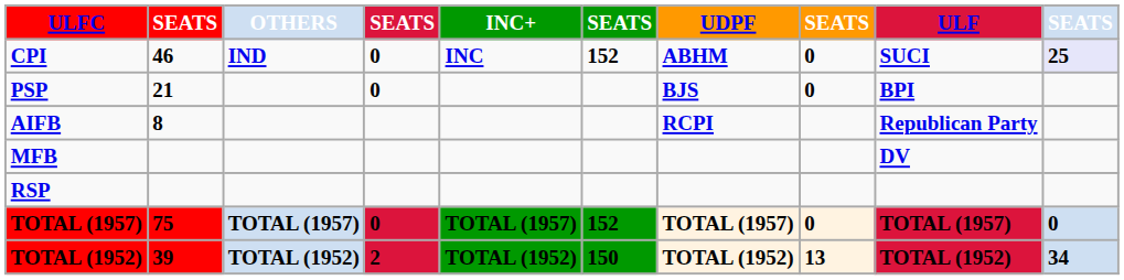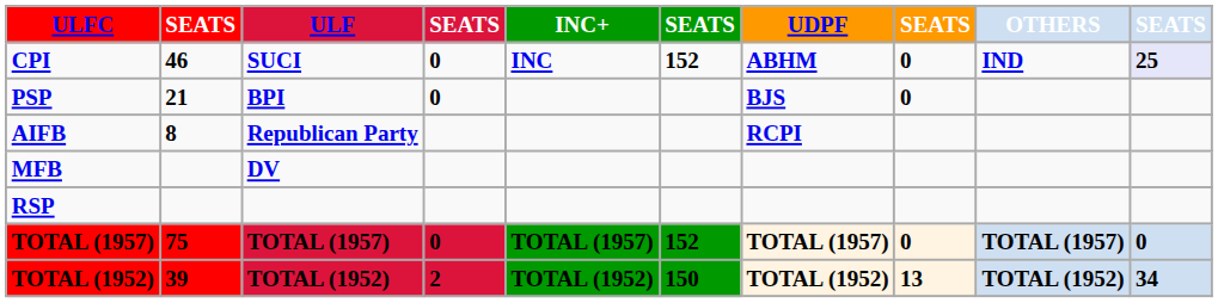 <table class="wikitable" style="font-weight: bold; font-size: x-small; font-family: verdana">
 <tr>
 <th style="background-color:#FF0000; color:white"><a href='#'>ULFC</a></th>
 <th style="background-color:#FF0000; color:white">SEATS</th>
-<th style="background-color:#cedff2; color:white">OTHERS</th>
+<th style="background-color:#DC143C; color:white"><a href='#'>ULF</a></th>
 <th style="background-color:#DC143C; color:white">SEATS</th>
 <th style="background-color:#009900; color:white">INC+</th>
 <th style="background-color:#009900; color:white">SEATS</th>
 <th style="background-color:#FF9900; color:white"><a href='#'>UDPF</a></th>
 <th style="background-color:#FF9900; color:white">SEATS</th>
-<th style="background-color:#DC143C; color:white"><a href='#'>ULF</a></th>
+<th style="background-color:#cedff2; color:white">OTHERS</th>
 <th style="background-color:#cedff2; color:white">SEATS</th>
 </tr>
 <tr --->
 <td><a href='#'>CPI</a></td>
 <td>46</td>
-<td><a href='#'>IND</a></td>
+<td><a href='#'>SUCI</a></td>
 <td>0</td>
 <td><a href='#'>INC</a></td>
 <td>152</td>
 <td><a href='#'>ABHM</a></td>
 <td>0</td>
-<td><a href='#'>SUCI</a></td>
+<td><a href='#'>IND</a></td>
 <td style="background: lavender;">25</td>
 </tr>
 <tr --->
 <td><a href='#'>PSP</a></td>
 <td>21</td>
-<td></td>
+<td><a href='#'>BPI</a></td>
 <td>0</td>
 <td></td>
 <td></td>
 <td><a href='#'>BJS</a></td>
 <td>0</td>
-<td><a href='#'>BPI</a></td>
+<td></td>
 <td></td>
 </tr>
 <tr --->
 <td><a href='#'>AIFB</a></td>
 <td>8</td>
-<td></td>
+<td><a href='#'>Republican Party</a></td>
 <td></td>
 <td></td>
 <td></td>
 <td><a href='#'>RCPI</a></td>
 <td></td>
-<td><a href='#'>Republican Party</a></td>
+<td></td>
 <td></td>
 </tr>
 <tr --->
 <td><a href='#'>MFB</a></td>
+<td></td>
+<td><a href='#'>DV</a></td>
 <td></td>
 <td></td>
 <td></td>
 <td></td>
 <td></td>
 <td></td>
-<td></td>
-<td><a href='#'>DV</a></td>
 <td></td>
 </tr>
 <tr --->
 <td><a href='#'>RSP</a></td>
 <td></td>
 <td></td>
 <td></td>
 <td></td>
 <td></td>
 <td></td>
 <td></td>
 <td></td>
 <td></td>
 </tr>
 <tr --->
 <td bgcolor=#FF0000>TOTAL (1957)</td>
 <td bgcolor=#FF0000>75</td>
-<td bgcolor=#cedff2>TOTAL (1957)</td>
+<td bgcolor=#DC143C>TOTAL (1957)</td>
 <td bgcolor=#DC143C>0</td>
 <td bgcolor=#009900>TOTAL (1957)</td>
 <td bgcolor=#009900>152</td>
 <td bgcolor=#FFF3E1>TOTAL (1957)</td>
 <td bgcolor=#FFF3E1>0</td>
-<td bgcolor=#DC143C>TOTAL (1957)</td>
+<td bgcolor=#cedff2>TOTAL (1957)</td>
 <td bgcolor=#cedff2>0</td>
 </tr>
 <tr --->
 <td bgcolor=#FF0000>TOTAL (1952)</td>
 <td bgcolor=#FF0000>39</td>
-<td bgcolor=#cedff2>TOTAL (1952)</td>
+<td bgcolor=#DC143C>TOTAL (1952)</td>
 <td bgcolor=#DC143C>2</td>
 <td bgcolor=#009900>TOTAL (1952)</td>
 <td bgcolor=#009900>150</td>
 <td bgcolor=#FFF3E1>TOTAL (1952)</td>
 <td bgcolor=#FFF3E1>13</td>
-<td bgcolor=#DC143C>TOTAL (1952)</td>
+<td bgcolor=#cedff2>TOTAL (1952)</td>
 <td bgcolor=#cedff2>34</td>
 </tr>
 </table>
